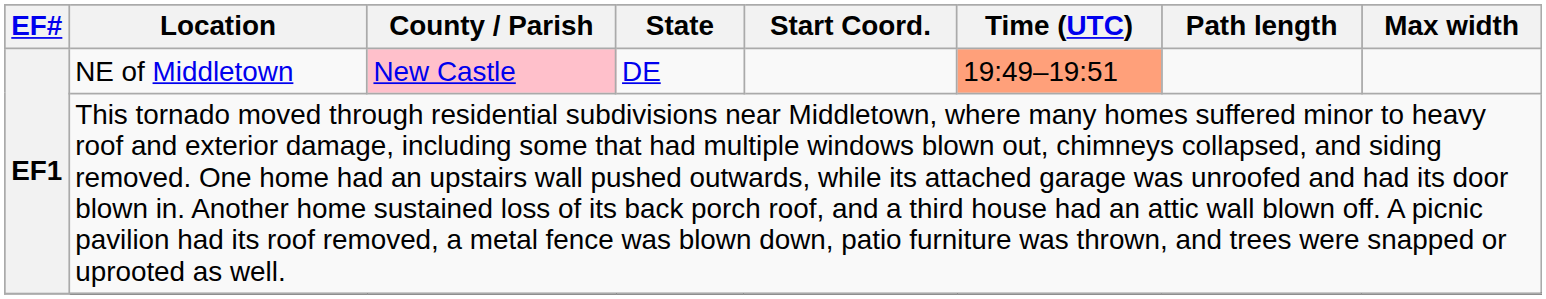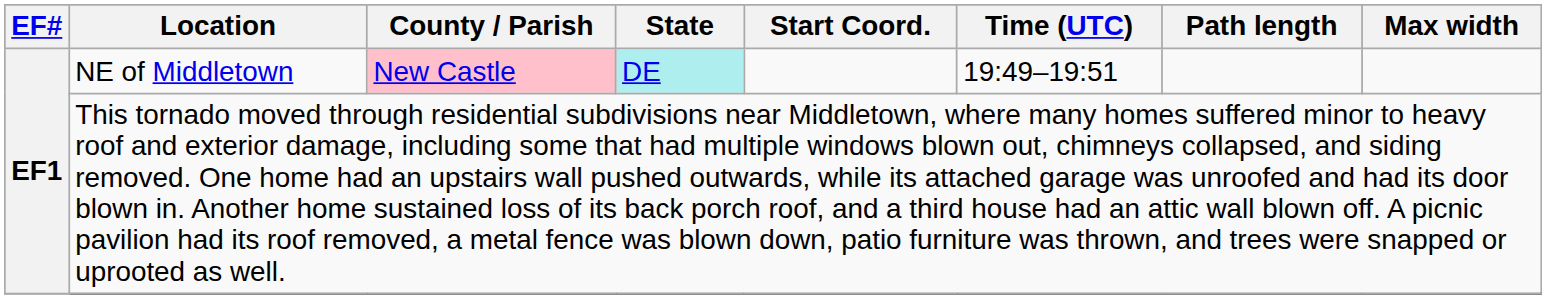 <table class="wikitable sortable" style="width:100%;">
 <tr>
 <th scope="col" width="2%" align="center"><a href='#'>EF#</a></th>
 <th scope="col" align="center" class="unsortable">Location</th>
 <th scope="col" align="center" class="unsortable">County / Parish</th>
 <th scope="col" align="center">State</th>
 <th scope="col" align="center">Start Coord.</th>
 <th scope="col" align="center">Time (<a href='#'>UTC</a>)</th>
 <th scope="col" align="center">Path length</th>
 <th scope="col" align="center">Max width</th>
 </tr>
 <tr>
 <th scope="row" rowspan="2" style="background-color:#">EF1</th>
 <td>NE of <a href='#'>Middletown</a></td>
 <td style="background: pink;"><a href='#'>New Castle</a></td>
-<td><a href='#'>DE</a></td>
+<td style="background: paleturquoise;"><a href='#'>DE</a></td>
 <td></td>
-<td style="background: lightsalmon;">19:49–19:51</td>
+<td>19:49–19:51</td>
 <td></td>
 <td></td>
 </tr>
 <tr class="expand-child">
 <td colspan="8" style=" border-bottom: 1px solid black;">This tornado moved through residential subdivisions near Middletown, where many homes suffered minor to heavy roof and exterior damage, including some that had multiple windows blown out, chimneys collapsed, and siding removed. One home had an upstairs wall pushed outwards, while its attached garage was unroofed and had its door blown in. Another home sustained loss of its back porch roof, and a third house had an attic wall blown off. A picnic pavilion had its roof removed, a metal fence was blown down, patio furniture was thrown, and trees were snapped or uprooted as well.</td>
 </tr>
 <tr>
 </tr>
 </table>
